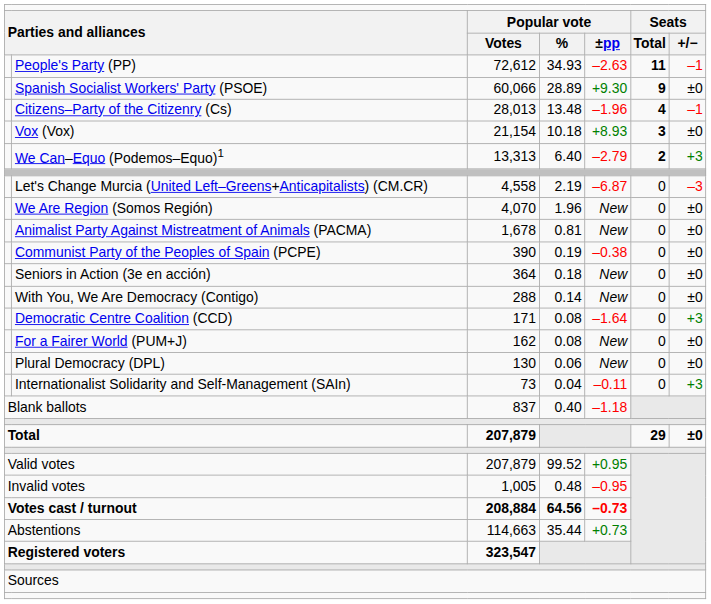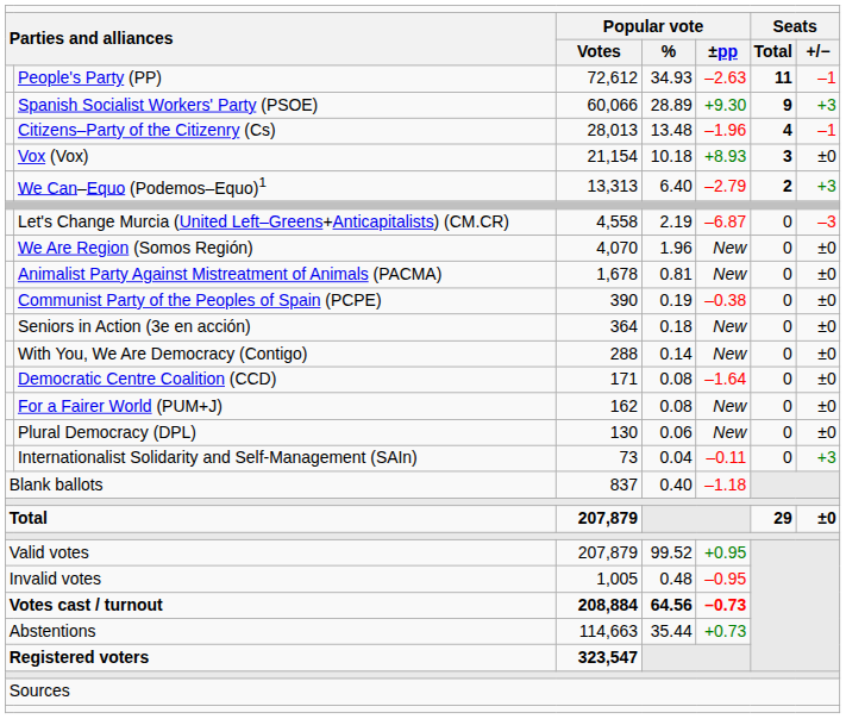 <table class="wikitable" style="text-align:right;">
 <tr>
 <td colspan="7"></td>
 </tr>
 <tr>
 <th style="text-align:left;" rowspan="2" colspan="2" width="525">Parties and alliances</th>
 <th colspan="3">Popular vote</th>
 <th colspan="2">Seats</th>
 </tr>
 <tr>
 <th width="75">Votes</th>
 <th width="45">%</th>
 <th width="45">±<a href='#'>pp</a></th>
 <th width="35">Total</th>
 <th width="35">+/−</th>
 </tr>
 <tr>
 <td width="1" style="color:inherit;background:"></td>
 <td align="left"><a href='#'>People's Party</a> (PP)</td>
 <td>72,612</td>
 <td>34.93</td>
 <td style="color:red;">–2.63</td>
 <td><strong>11</strong></td>
 <td style="color:red;">–1</td>
 </tr>
 <tr>
 <td style="color:inherit;background:"></td>
 <td align="left"><a href='#'>Spanish Socialist Workers' Party</a> (PSOE)</td>
 <td>60,066</td>
 <td>28.89</td>
 <td style="color:green;">+9.30</td>
 <td><strong>9</strong></td>
-<td>±0</td>
+<td style="color:green;">+3</td>
 </tr>
 <tr>
 <td style="color:inherit;background:"></td>
 <td align="left"><a href='#'>Citizens–Party of the Citizenry</a> (Cs)</td>
 <td>28,013</td>
 <td>13.48</td>
 <td style="color:red;">–1.96</td>
 <td><strong>4</strong></td>
 <td style="color:red;">–1</td>
 </tr>
 <tr>
 <td style="color:inherit;background:"></td>
 <td align="left"><a href='#'>Vox</a> (Vox)</td>
 <td>21,154</td>
 <td>10.18</td>
 <td style="color:green;">+8.93</td>
 <td><strong>3</strong></td>
 <td>±0</td>
 </tr>
 <tr>
 <td style="color:inherit;background:"></td>
 <td align="left"><a href='#'>We Can</a>–<a href='#'>Equo</a> (Podemos–Equo)<sup>1</sup></td>
 <td>13,313</td>
 <td>6.40</td>
 <td style="color:red;">–2.79</td>
 <td><strong>2</strong></td>
 <td style="color:green;">+3</td>
 </tr>
 <tr>
 <td colspan="7" bgcolor="#C0C0C0"></td>
 </tr>
 <tr>
 <td style="color:inherit;background:"></td>
 <td align="left">Let's Change Murcia (<a href='#'>United Left–Greens</a>+<a href='#'>Anticapitalists</a>) (CM.CR)</td>
 <td>4,558</td>
 <td>2.19</td>
 <td style="color:red;">–6.87</td>
 <td>0</td>
 <td style="color:red;">–3</td>
 </tr>
 <tr>
 <td style="color:inherit;background:"></td>
 <td align="left"><a href='#'>We Are Region</a> (Somos Región)</td>
 <td>4,070</td>
 <td>1.96</td>
 <td><em>New</em></td>
 <td>0</td>
 <td>±0</td>
 </tr>
 <tr>
 <td style="color:inherit;background:"></td>
 <td align="left"><a href='#'>Animalist Party Against Mistreatment of Animals</a> (PACMA)</td>
 <td>1,678</td>
 <td>0.81</td>
 <td><em>New</em></td>
 <td>0</td>
 <td>±0</td>
 </tr>
 <tr>
 <td style="color:inherit;background:"></td>
 <td align="left"><a href='#'>Communist Party of the Peoples of Spain</a> (PCPE)</td>
 <td>390</td>
 <td>0.19</td>
 <td style="color:red;">–0.38</td>
 <td>0</td>
 <td>±0</td>
 </tr>
 <tr>
 <td style="color:inherit;background:"></td>
 <td align="left">Seniors in Action (3e en acción)</td>
 <td>364</td>
 <td>0.18</td>
 <td><em>New</em></td>
 <td>0</td>
 <td>±0</td>
 </tr>
 <tr>
 <td style="color:inherit;background:"></td>
 <td align="left">With You, We Are Democracy (Contigo)</td>
 <td>288</td>
 <td>0.14</td>
 <td><em>New</em></td>
 <td>0</td>
 <td>±0</td>
 </tr>
 <tr>
 <td style="color:inherit;background:"></td>
 <td align="left"><a href='#'>Democratic Centre Coalition</a> (CCD)</td>
 <td>171</td>
 <td>0.08</td>
 <td style="color:red;">–1.64</td>
 <td>0</td>
-<td style="color:green;">+3</td>
+<td>±0</td>
 </tr>
 <tr>
 <td style="color:inherit;background:"></td>
 <td align="left"><a href='#'>For a Fairer World</a> (PUM+J)</td>
 <td>162</td>
 <td>0.08</td>
 <td><em>New</em></td>
 <td>0</td>
 <td>±0</td>
 </tr>
 <tr>
 <td style="color:inherit;background:"></td>
 <td align="left">Plural Democracy (DPL)</td>
 <td>130</td>
 <td>0.06</td>
 <td><em>New</em></td>
 <td>0</td>
 <td>±0</td>
 </tr>
 <tr>
 <td style="color:inherit;background:"></td>
 <td align="left">Internationalist Solidarity and Self-Management (SAIn)</td>
 <td>73</td>
 <td>0.04</td>
 <td style="color:red;">–0.11</td>
 <td>0</td>
 <td style="color:green;">+3</td>
 </tr>
 <tr>
 <td align="left" colspan="2">Blank ballots</td>
 <td>837</td>
 <td>0.40</td>
 <td style="color:red;">–1.18</td>
 <td bgcolor="#E9E9E9" colspan="2"></td>
 </tr>
 <tr>
 <td colspan="7" bgcolor="#E9E9E9"></td>
 </tr>
 <tr style="font-weight:bold;">
 <td align="left" colspan="2">Total</td>
 <td>207,879</td>
 <td bgcolor="#E9E9E9" colspan="2"></td>
 <td>29</td>
 <td>±0</td>
 </tr>
 <tr>
 <td colspan="7" bgcolor="#E9E9E9"></td>
 </tr>
 <tr>
 <td align="left" colspan="2">Valid votes</td>
 <td>207,879</td>
 <td>99.52</td>
 <td style="color:green;">+0.95</td>
 <td bgcolor="#E9E9E9" colspan="2" rowspan="5"></td>
 </tr>
 <tr>
 <td align="left" colspan="2">Invalid votes</td>
 <td>1,005</td>
 <td>0.48</td>
 <td style="color:red;">–0.95</td>
 </tr>
 <tr style="font-weight:bold;">
 <td align="left" colspan="2">Votes cast / turnout</td>
 <td>208,884</td>
 <td>64.56</td>
 <td style="color:red;">–0.73</td>
 </tr>
 <tr>
 <td align="left" colspan="2">Abstentions</td>
 <td>114,663</td>
 <td>35.44</td>
 <td style="color:green;">+0.73</td>
 </tr>
 <tr style="font-weight:bold;">
 <td align="left" colspan="2">Registered voters</td>
 <td>323,547</td>
 <td bgcolor="#E9E9E9" colspan="2"></td>
 </tr>
 <tr>
 <td colspan="7" bgcolor="#E9E9E9"></td>
 </tr>
 <tr>
 <td align="left" colspan="7">Sources</td>
 </tr>
 <tr>
 <td colspan="7" style="text-align:left; max-width:790px;"></td>
 </tr>
 </table>
